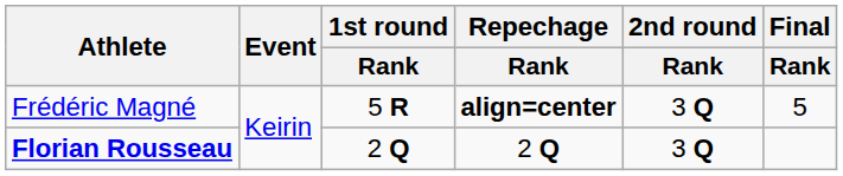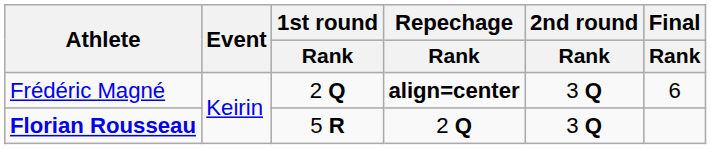 <table class=wikitable style="font-size:90%">
 <tr>
 <th rowspan="2">Athlete</th>
 <th rowspan="2">Event</th>
 <th>1st round</th>
 <th>Repechage</th>
 <th>2nd round</th>
 <th>Final</th>
 </tr>
 <tr style="font-size:95%">
 <th>Rank</th>
 <th>Rank</th>
 <th>Rank</th>
 <th>Rank</th>
 </tr>
 <tr>
 <td align=left><a href='#'>Frédéric Magné</a></td>
 <td align=left rowspan=2><a href='#'>Keirin</a></td>
-<td align=center>5 <strong>R</strong></td>
+<td align=center>2 <strong>Q</strong></td>
 <td><strong>align=center </strong></td>
 <td align=center>3 <strong>Q</strong></td>
-<td align=center>5</td>
+<td align=center>6</td>
 </tr>
 <tr>
 <td align=left><strong><a href='#'>Florian Rousseau</a></strong></td>
-<td align=center>2 <strong>Q</strong></td>
+<td align=center>5 <strong>R</strong></td>
 <td align=center>2 <strong>Q</strong></td>
 <td align=center>3 <strong>Q</strong></td>
 <td align=center></td>
 </tr>
 </table>
